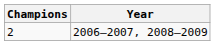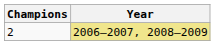 <table class="wikitable">
 <tr>
 <th>Champions</th>
 <th>Year</th>
 </tr>
 <tr>
 <td>2</td>
-<td>2006–2007, 2008–2009</td>
+<td style="background: khaki;">2006–2007, 2008–2009</td>
 </tr>
 </table>
